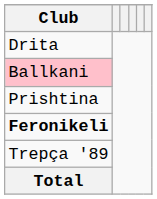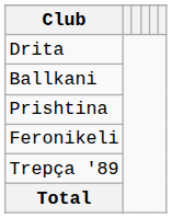 <table class="wikitable floatright">
 <tr>
 </tr>
 <tr>
 <th>Club</th>
 <th></th>
 <th></th>
 <th></th>
 <th></th>
 <th></th>
 </tr>
 <tr>
 <td>Drita<br></td>
 </tr>
 <tr>
-<td style="background: pink;">Ballkani<br></td>
+<td>Ballkani<br></td>
 </tr>
 <tr>
 <td>Prishtina<br></td>
 </tr>
 <tr>
-<td><strong>Feronikeli<br></strong></td>
+<td>Feronikeli<br></td>
 </tr>
 <tr>
 <td>Trepça '89<br></td>
 </tr>
 <tr>
 <th>Total<br></th>
 </tr>
 </table>
